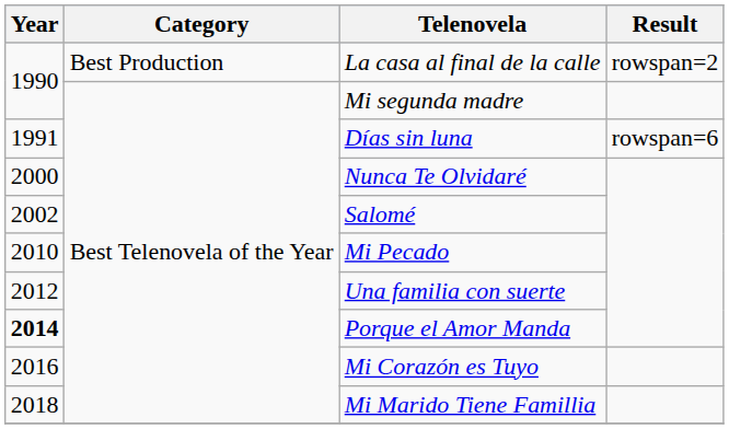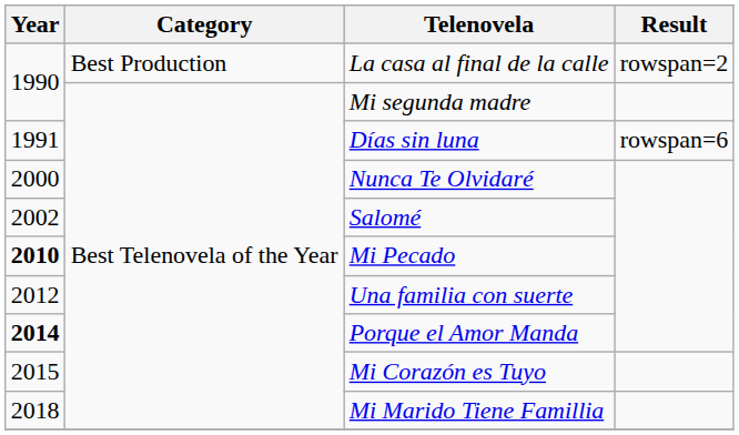 <table class="wikitable">
 <tr style="background:#b0c4de;">
 <th>Year</th>
 <th>Category</th>
 <th>Telenovela</th>
 <th>Result</th>
 </tr>
 <tr>
 <td rowspan=2>1990</td>
 <td>Best Production</td>
 <td><em>La casa al final de la calle</em></td>
 <td>rowspan=2 </td>
 </tr>
 <tr>
 <td rowspan="9">Best Telenovela of the Year</td>
 <td><em>Mi segunda madre</em></td>
 </tr>
 <tr>
 <td>1991</td>
 <td><em><a href='#'>Días sin luna</a></em></td>
 <td>rowspan=6 </td>
 </tr>
 <tr>
 <td>2000</td>
 <td><em><a href='#'>Nunca Te Olvidaré</a></em></td>
 </tr>
 <tr>
 <td>2002</td>
 <td><em><a href='#'>Salomé</a></em></td>
 </tr>
 <tr>
-<td>2010</td>
+<td><strong>2010</strong></td>
 <td><em><a href='#'>Mi Pecado</a></em></td>
 </tr>
 <tr>
 <td>2012</td>
 <td><em><a href='#'>Una familia con suerte</a></em></td>
 </tr>
 <tr>
 <td><strong>2014</strong></td>
 <td><em><a href='#'>Porque el Amor Manda</a></em></td>
 </tr>
 <tr>
-<td>2016</td>
+<td>2015</td>
 <td><em><a href='#'>Mi Corazón es Tuyo</a></em></td>
 <td></td>
 </tr>
 <tr>
 <td>2018</td>
 <td><em><a href='#'>Mi Marido Tiene Famillia</a></em></td>
 <td></td>
 </tr>
 <tr>
 </tr>
 </table>
